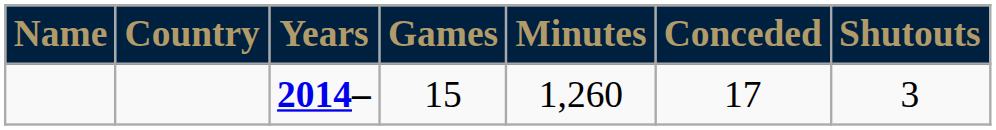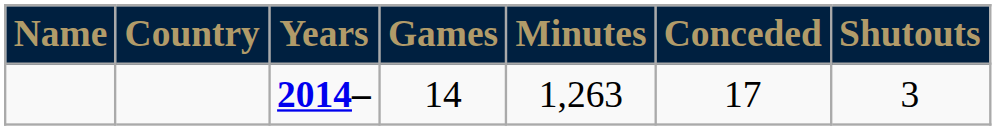 <table class="wikitable sortable" style="text-align:center;">
 <tr>
 <th style="background:#002040; color:#B19B69;" scope="col">Name</th>
 <th style="background:#002040; color:#B19B69;" scope="col">Country</th>
 <th style="background:#002040; color:#B19B69;" scope="col">Years</th>
 <th style="background:#002040; color:#B19B69;" scope="col">Games</th>
 <th style="background:#002040; color:#B19B69;" scope="col">Minutes</th>
 <th style="background:#002040; color:#B19B69;" scope="col">Conceded</th>
 <th style="background:#002040; color:#B19B69;" scope="col">Shutouts</th>
 </tr>
 <tr>
 <td align=left></td>
 <td align=left></td>
 <td><strong><a href='#'>2014</a>–</strong></td>
-<td>15</td>
-<td>1,260</td>
+<td>14</td>
+<td>1,263</td>
 <td>17</td>
 <td>3</td>
 </tr>
 </table>
